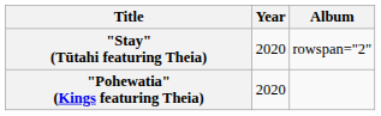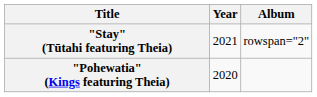 <table class="wikitable plainrowheaders" style="text-align:center;">
 <tr>
 <th scope="col" style="width:16em;">Title</th>
 <th scope="col">Year</th>
 <th scope="col">Album</th>
 </tr>
 <tr>
 <th scope="row">"Stay"<br><span>(Tūtahi featuring Theia)</span></th>
-<td>2020</td>
+<td>2021</td>
 <td>rowspan="2" </td>
 </tr>
 <tr>
 <th scope="row">"Pohewatia"<br><span>(<a href='#'>Kings</a> featuring Theia)</span></th>
 <td>2020</td>
 </tr>
 </table>
